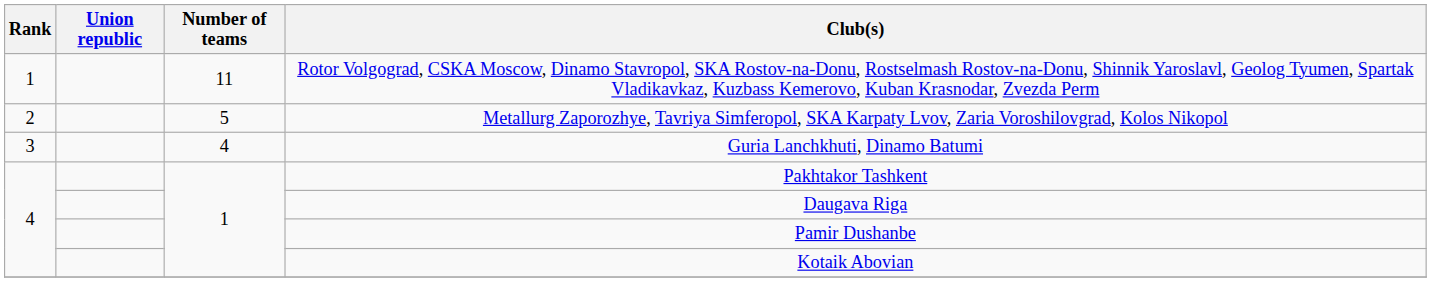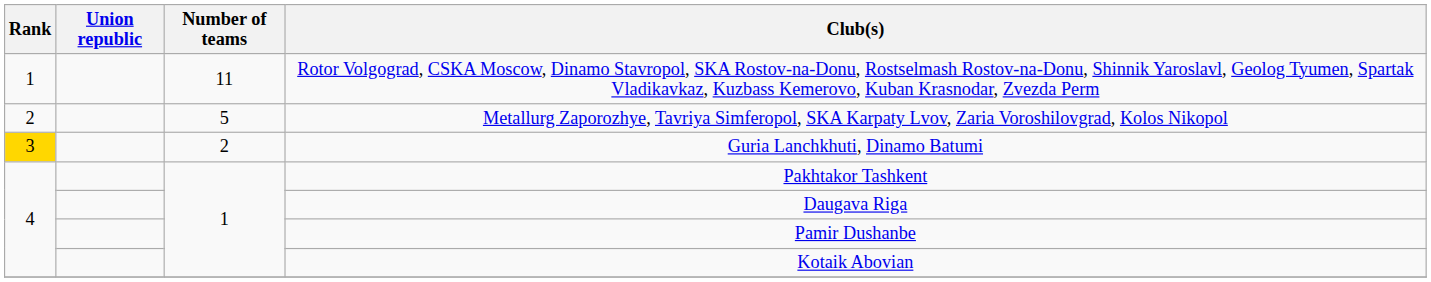 <table class="wikitable">
 <tr>
 <th>Rank</th>
 <th><a href='#'>Union republic</a></th>
 <th>Number of teams</th>
 <th>Club(s)</th>
 </tr>
 <tr>
 <td align="center">1</td>
 <td></td>
 <td align="center">11</td>
 <td align="center"><a href='#'>Rotor Volgograd</a>, <a href='#'>CSKA Moscow</a>, <a href='#'>Dinamo Stavropol</a>, <a href='#'>SKA Rostov-na-Donu</a>, <a href='#'>Rostselmash Rostov-na-Donu</a>, <a href='#'>Shinnik Yaroslavl</a>, <a href='#'>Geolog Tyumen</a>, <a href='#'>Spartak Vladikavkaz</a>, <a href='#'>Kuzbass Kemerovo</a>, <a href='#'>Kuban Krasnodar</a>, <a href='#'>Zvezda Perm</a></td>
 </tr>
 <tr>
 <td align="center">2</td>
 <td></td>
 <td align="center">5</td>
 <td align="center"><a href='#'>Metallurg Zaporozhye</a>, <a href='#'>Tavriya Simferopol</a>, <a href='#'>SKA Karpaty Lvov</a>, <a href='#'>Zaria Voroshilovgrad</a>, <a href='#'>Kolos Nikopol</a></td>
 </tr>
 <tr>
-<td align="center">3</td>
+<td align="center" style="background: gold;">3</td>
 <td></td>
-<td align="center">4</td>
+<td align="center">2</td>
 <td align="center"><a href='#'>Guria Lanchkhuti</a>, <a href='#'>Dinamo Batumi</a></td>
 </tr>
 <tr>
 <td align="center" rowspan=4>4</td>
 <td></td>
 <td align="center" rowspan=4>1</td>
 <td align="center"><a href='#'>Pakhtakor Tashkent</a></td>
 </tr>
 <tr>
 <td></td>
 <td align="center"><a href='#'>Daugava Riga</a></td>
 </tr>
 <tr>
 <td></td>
 <td align="center"><a href='#'>Pamir Dushanbe</a></td>
 </tr>
 <tr>
 <td></td>
 <td align="center"><a href='#'>Kotaik Abovian</a></td>
 </tr>
 <tr>
 </tr>
 </table>
